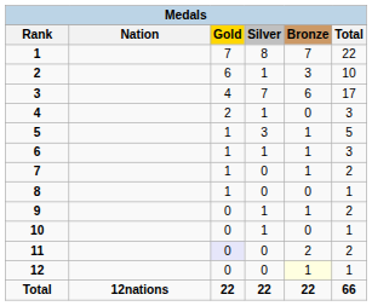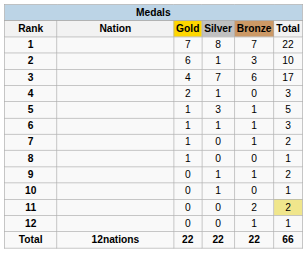 <table class="wikitable" style="text-align:center">
 <tr>
 <td colspan="6" style="background:#BCD4E6"><strong>Medals</strong></td>
 </tr>
 <tr>
 </tr>
 <tr style="background-color:#EDEDED;">
 <th width="75px" class="hintergrundfarbe5">Rank</th>
 <th width="175px" class="hintergrundfarbe6">Nation</th>
 <th style="background:    gold; width:35px ">Gold</th>
 <th style="background:  silver; width:35px ">Silver</th>
 <th style="background: #CC9966; width:35px ">Bronze</th>
 <th width="35px">Total</th>
 </tr>
 <tr>
 <td><strong>1</strong></td>
 <td align=left></td>
 <td>7</td>
 <td>8</td>
 <td>7</td>
 <td>22</td>
 </tr>
 <tr>
 <td><strong>2</strong></td>
 <td align=left></td>
 <td>6</td>
 <td>1</td>
 <td>3</td>
 <td>10</td>
 </tr>
 <tr>
 <td><strong>3</strong></td>
 <td align=left></td>
 <td>4</td>
 <td>7</td>
 <td>6</td>
 <td>17</td>
 </tr>
 <tr>
 <td><strong>4</strong></td>
 <td align=left></td>
 <td>2</td>
 <td>1</td>
 <td>0</td>
 <td>3</td>
 </tr>
 <tr>
 <td><strong>5</strong></td>
 <td align=left></td>
 <td>1</td>
 <td>3</td>
 <td>1</td>
 <td>5</td>
 </tr>
 <tr>
 <td><strong>6</strong></td>
 <td align=left><em></em></td>
 <td>1</td>
 <td>1</td>
 <td>1</td>
 <td>3</td>
 </tr>
 <tr>
 <td><strong>7</strong></td>
 <td align=left></td>
 <td>1</td>
 <td>0</td>
 <td>1</td>
 <td>2</td>
 </tr>
 <tr>
 <td><strong>8</strong></td>
 <td align=left></td>
 <td>1</td>
 <td>0</td>
 <td>0</td>
 <td>1</td>
 </tr>
 <tr>
 <td><strong>9</strong></td>
 <td align=left></td>
 <td>0</td>
 <td>1</td>
 <td>1</td>
 <td>2</td>
 </tr>
 <tr>
 <td><strong>10</strong></td>
 <td align=left></td>
 <td>0</td>
 <td>1</td>
 <td>0</td>
 <td>1</td>
 </tr>
 <tr>
 <td><strong>11</strong></td>
 <td align=left></td>
-<td style="background: lavender;">0</td>
+<td>0</td>
 <td>0</td>
 <td>2</td>
-<td>2</td>
+<td style="background: khaki;">2</td>
 </tr>
 <tr>
 <td><strong>12</strong></td>
 <td align=left></td>
 <td>0</td>
 <td>0</td>
-<td style="background: lightyellow;">1</td>
+<td>1</td>
 <td>1</td>
 </tr>
 <tr>
 <td><strong>Total</strong></td>
 <td><strong>12nations</strong></td>
 <td><strong>22</strong></td>
 <td><strong>22</strong></td>
 <td><strong>22</strong></td>
 <td><strong>66</strong></td>
 </tr>
 </table>
